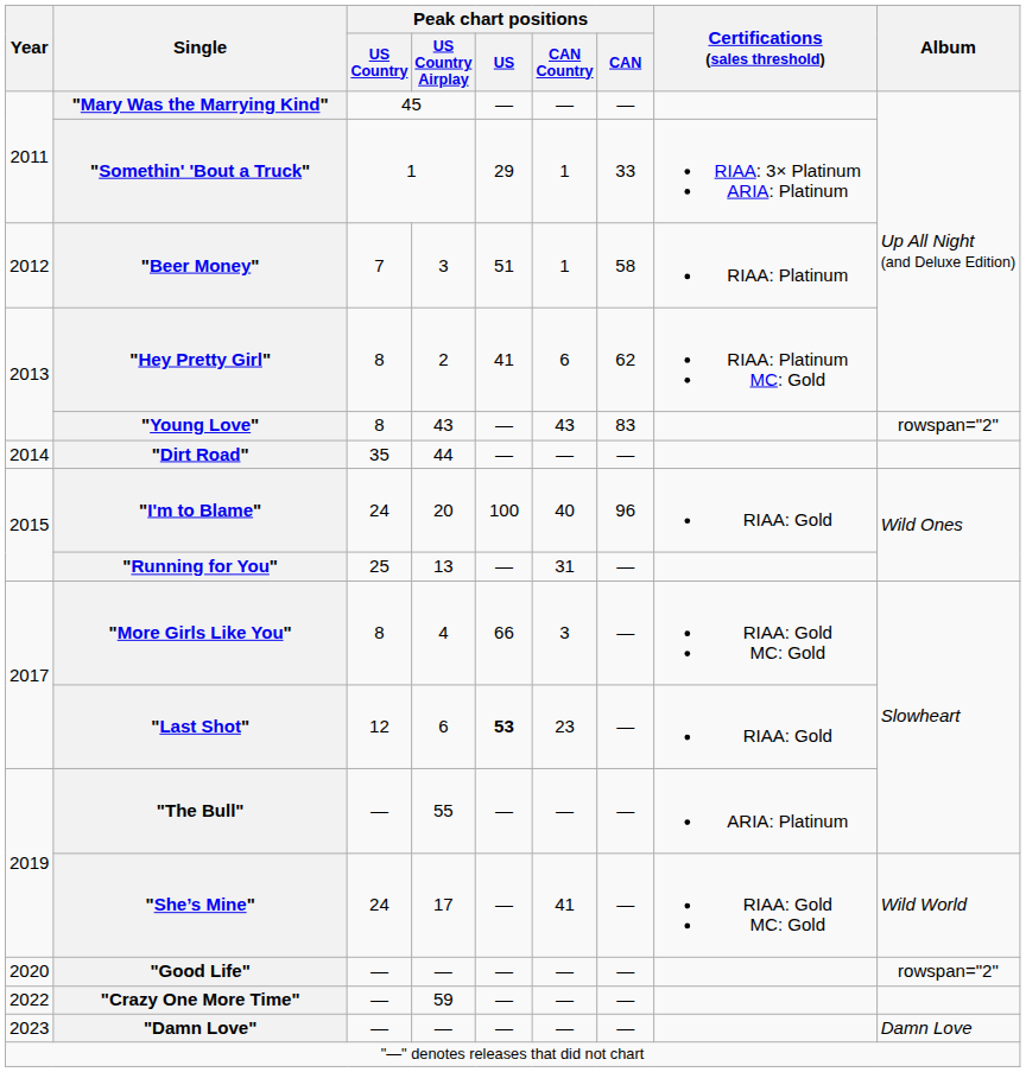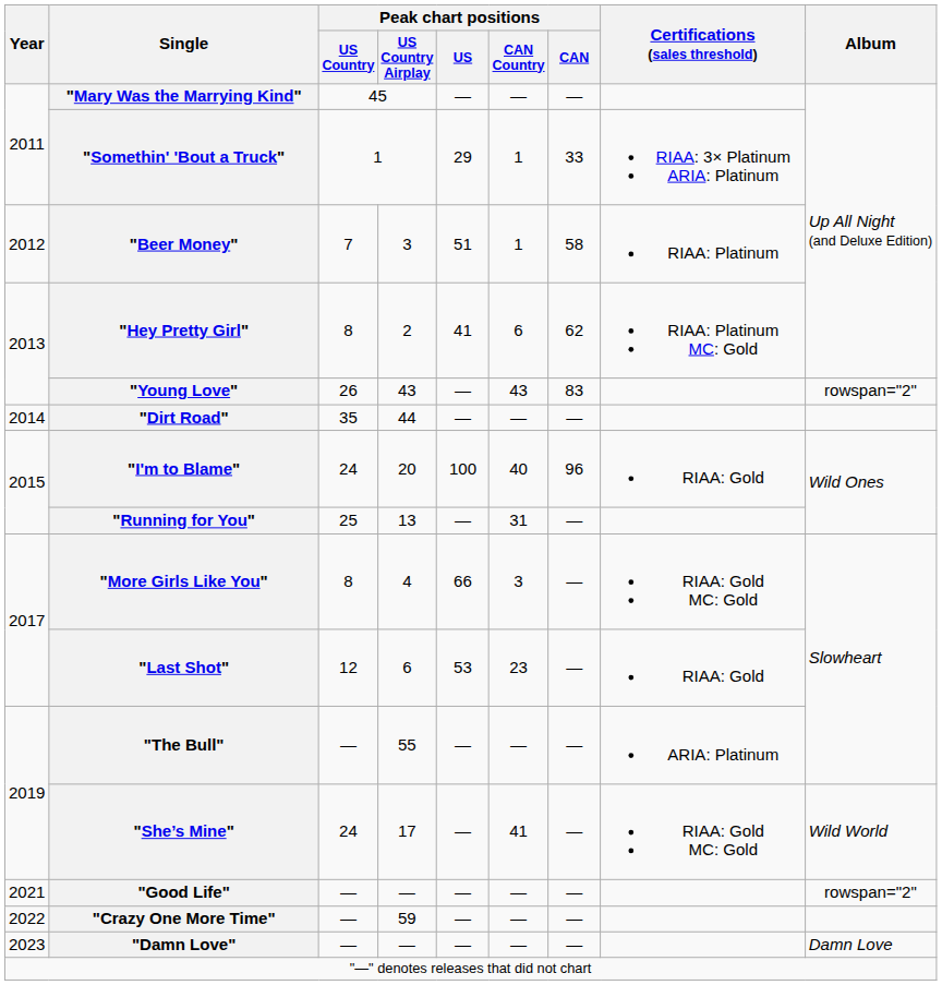 <table class="wikitable plainrowheaders" style="text-align:center;">
 <tr>
 <th rowspan="2">Year</th>
 <th rowspan="2" style="width:16em;">Single</th>
 <th colspan="5">Peak chart positions</th>
 <th rowspan="2" style="width:12em;"><a href='#'>Certifications</a><br><small>(<a href='#'>sales threshold</a>)</small></th>
 <th rowspan="2">Album</th>
 </tr>
 <tr style="font-size:smaller;">
 <th style="width:45px;"><a href='#'>US Country</a><br></th>
 <th style="width:45px;"><a href='#'>US Country Airplay</a><br></th>
 <th style="width:45px;"><a href='#'>US</a><br></th>
 <th style="width:45px;"><a href='#'>CAN Country</a><br></th>
 <th style="width:45px;"><a href='#'>CAN</a><br></th>
 </tr>
 <tr>
 <td rowspan="2">2011</td>
 <th scope="row">"<a href='#'>Mary Was the Marrying Kind</a>"</th>
 <td colspan="2">45</td>
 <td>—</td>
 <td>—</td>
 <td>—</td>
 <td></td>
 <td style="text-align:left;" rowspan="4"><em>Up All Night</em><br><small>(and Deluxe Edition)</small></td>
 </tr>
 <tr>
 <th scope="row">"<a href='#'>Somethin' 'Bout a Truck</a>"</th>
 <td colspan="2">1</td>
 <td>29</td>
 <td>1</td>
 <td>33</td>
 <td><br><ul><li><a href='#'>RIAA</a>: 3× Platinum</li><li><a href='#'>ARIA</a>: Platinum</li></ul></td>
 </tr>
 <tr>
 <td>2012</td>
 <th scope="row">"<a href='#'>Beer Money</a>"</th>
 <td>7</td>
 <td>3</td>
 <td>51</td>
 <td>1</td>
 <td>58</td>
 <td><br><ul><li>RIAA: Platinum</li></ul></td>
 </tr>
 <tr>
 <td rowspan=2>2013</td>
 <th scope="row">"<a href='#'>Hey Pretty Girl</a>"</th>
 <td>8</td>
 <td>2</td>
 <td>41</td>
 <td>6</td>
 <td>62</td>
 <td><br><ul><li>RIAA: Platinum</li><li><a href='#'>MC</a>: Gold</li></ul></td>
 </tr>
 <tr>
 <th scope="row">"<a href='#'>Young Love</a>"</th>
-<td>8</td>
+<td>26</td>
 <td>43</td>
 <td>—</td>
 <td>43</td>
 <td>83</td>
 <td></td>
 <td>rowspan="2" </td>
 </tr>
 <tr>
 <td>2014</td>
 <th scope="row">"<a href='#'>Dirt Road</a>"</th>
 <td>35</td>
 <td>44</td>
 <td>—</td>
 <td>—</td>
 <td>—</td>
 <td></td>
 </tr>
 <tr>
 <td rowspan="2">2015</td>
 <th scope="row">"<a href='#'>I'm to Blame</a>"</th>
 <td>24</td>
 <td>20</td>
 <td>100</td>
 <td>40</td>
 <td>96</td>
 <td><br><ul><li>RIAA: Gold</li></ul></td>
 <td style="text-align:left;" rowspan="2"><em>Wild Ones</em></td>
 </tr>
 <tr>
 <th scope="row">"<a href='#'>Running for You</a>"</th>
 <td>25</td>
 <td>13</td>
 <td>—</td>
 <td>31</td>
 <td>—</td>
 <td></td>
 </tr>
 <tr>
 <td rowspan="2">2017</td>
 <th scope="row">"<a href='#'>More Girls Like You</a>"</th>
 <td>8</td>
 <td>4</td>
 <td>66</td>
 <td>3</td>
 <td>—</td>
 <td><br><ul><li>RIAA: Gold</li><li>MC: Gold</li></ul></td>
 <td style="text-align:left;" rowspan="3"><em>Slowheart</em></td>
 </tr>
 <tr>
 <th scope="row">"<a href='#'>Last Shot</a>"</th>
 <td>12</td>
 <td>6</td>
-<td><strong>53</strong></td>
+<td>53</td>
 <td>23</td>
 <td>—</td>
 <td><br><ul><li>RIAA: Gold</li></ul></td>
 </tr>
 <tr>
 <td rowspan="2">2019</td>
 <th scope="row">"The Bull"</th>
 <td>—</td>
 <td>55</td>
 <td>—</td>
 <td>—</td>
 <td>—</td>
 <td><br><ul><li>ARIA: Platinum</li></ul></td>
 </tr>
 <tr>
 <th scope="row">"<a href='#'>She’s Mine</a>"</th>
 <td>24</td>
 <td>17</td>
 <td>—</td>
 <td>41</td>
 <td>—</td>
 <td><br><ul><li>RIAA: Gold</li><li>MC: Gold</li></ul></td>
 <td style="text-align:left;"><em>Wild World</em></td>
 </tr>
 <tr>
-<td>2020</td>
+<td>2021</td>
 <th scope="row">"Good Life"</th>
 <td>—</td>
 <td>—</td>
 <td>—</td>
 <td>—</td>
 <td>—</td>
 <td></td>
 <td>rowspan="2" </td>
 </tr>
 <tr>
 <td>2022</td>
 <th scope="row">"Crazy One More Time"</th>
 <td>—</td>
 <td>59</td>
 <td>—</td>
 <td>—</td>
 <td>—</td>
 <td></td>
 </tr>
 <tr>
 <td>2023</td>
 <th scope="row">"Damn Love"</th>
 <td>—</td>
 <td>—</td>
 <td>—</td>
 <td>—</td>
 <td>—</td>
 <td></td>
 <td style="text-align:left;"><em>Damn Love</em></td>
 </tr>
 <tr>
 <td colspan="9" style="font-size:85%">"—" denotes releases that did not chart</td>
 </tr>
 </table>
